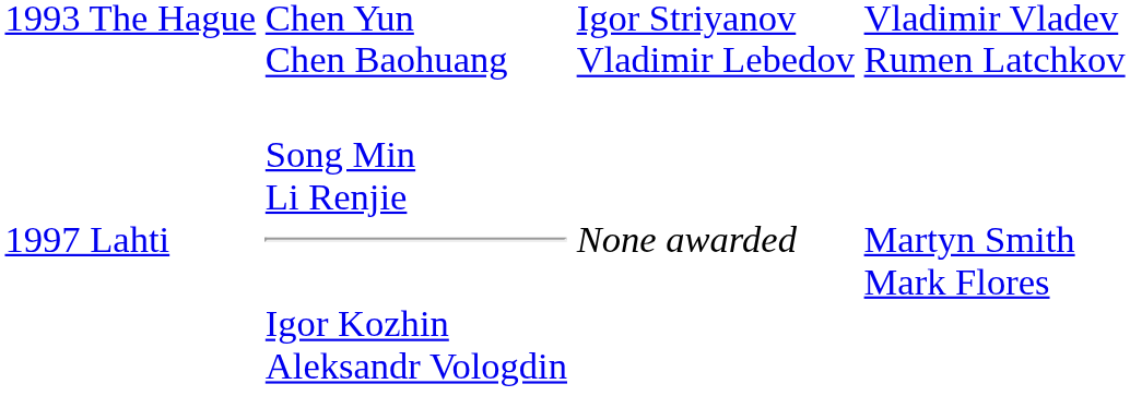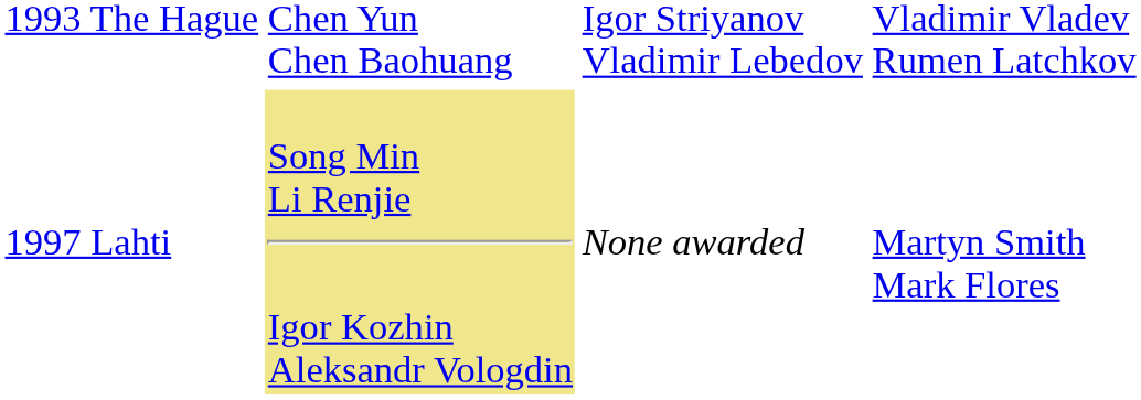 <table>
 <tr>
 <td><a href='#'>1993 The Hague</a></td>
 <td><br><a href='#'>Chen Yun</a><br><a href='#'>Chen Baohuang</a></td>
 <td><br><a href='#'>Igor Striyanov</a><br><a href='#'>Vladimir Lebedov</a></td>
 <td><br><a href='#'>Vladimir Vladev</a><br><a href='#'>Rumen Latchkov</a></td>
 </tr>
 <tr>
 <td><a href='#'>1997 Lahti</a></td>
-<td><br><a href='#'>Song Min</a><br><a href='#'>Li Renjie</a><hr><br><a href='#'>Igor Kozhin</a><br><a href='#'>Aleksandr Vologdin</a></td>
+<td style="background: khaki;"><br><a href='#'>Song Min</a><br><a href='#'>Li Renjie</a><hr><br><a href='#'>Igor Kozhin</a><br><a href='#'>Aleksandr Vologdin</a></td>
 <td><em>None awarded</em></td>
 <td><br><a href='#'>Martyn Smith</a><br><a href='#'>Mark Flores</a></td>
 </tr>
 </table>
